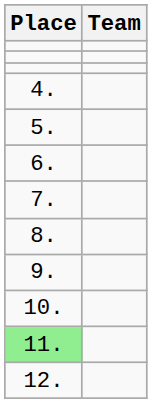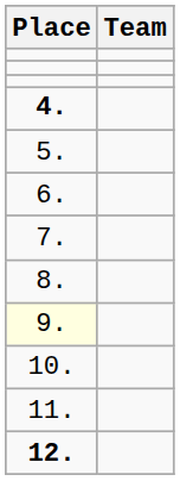 <table class="wikitable" style="text-align: center;">
 <tr>
 <th>Place</th>
 <th>Team</th>
 </tr>
 <tr>
 <td></td>
 <td style="text-align: left;"></td>
 </tr>
 <tr>
 <td></td>
 <td style="text-align: left;"></td>
 </tr>
 <tr>
 <td></td>
 <td style="text-align: left;"></td>
 </tr>
 <tr>
-<td>4.</td>
+<td><strong>4.</strong></td>
 <td style="text-align: left;"></td>
 </tr>
 <tr>
 <td>5.</td>
 <td style="text-align: left;"></td>
 </tr>
 <tr>
 <td>6.</td>
 <td style="text-align: left;"></td>
 </tr>
 <tr>
 <td>7.</td>
 <td style="text-align: left;"></td>
 </tr>
 <tr>
 <td>8.</td>
 <td style="text-align: left;"></td>
 </tr>
 <tr>
-<td>9.</td>
+<td style="background: lightyellow;">9.</td>
 <td style="text-align: left;"></td>
 </tr>
 <tr>
 <td>10.</td>
 <td style="text-align: left;"></td>
 </tr>
 <tr>
-<td style="background: lightgreen;">11.</td>
+<td>11.</td>
 <td style="text-align: left;"></td>
 </tr>
 <tr>
-<td>12.</td>
+<td><strong>12.</strong></td>
 <td style="text-align: left;"></td>
 </tr>
 </table>
